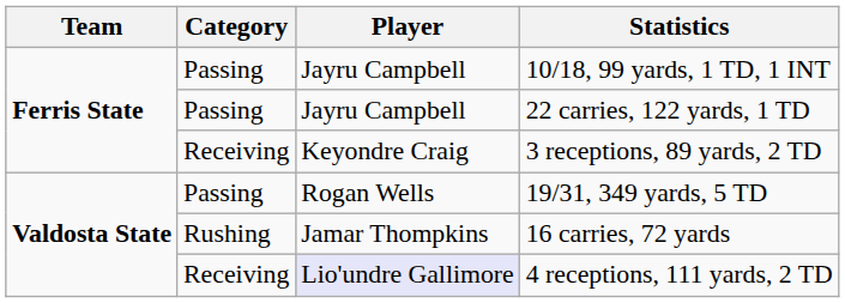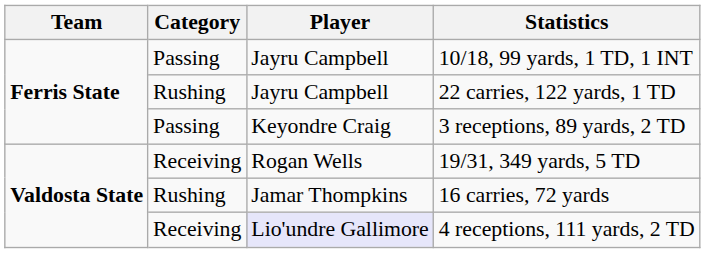 <table class="wikitable" style="float: right;">
 <tr>
 <th>Team</th>
 <th>Category</th>
 <th>Player</th>
 <th>Statistics</th>
 </tr>
 <tr>
 <td rowspan=3><strong>Ferris State</strong></td>
 <td>Passing</td>
 <td>Jayru Campbell</td>
 <td>10/18, 99 yards, 1 TD, 1 INT</td>
 </tr>
 <tr>
-<td>Passing</td>
+<td>Rushing</td>
 <td>Jayru Campbell</td>
 <td>22 carries, 122 yards, 1 TD</td>
 </tr>
 <tr>
-<td>Receiving</td>
+<td>Passing</td>
 <td>Keyondre Craig</td>
 <td>3 receptions, 89 yards, 2 TD</td>
 </tr>
 <tr>
 <td rowspan=3><strong>Valdosta State</strong></td>
-<td>Passing</td>
+<td>Receiving</td>
 <td>Rogan Wells</td>
 <td>19/31, 349 yards, 5 TD</td>
 </tr>
 <tr>
 <td>Rushing</td>
 <td>Jamar Thompkins</td>
 <td>16 carries, 72 yards</td>
 </tr>
 <tr>
 <td>Receiving</td>
 <td style="background: lavender;">Lio'undre Gallimore</td>
 <td>4 receptions, 111 yards, 2 TD</td>
 </tr>
 </table>
